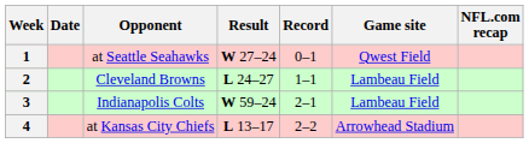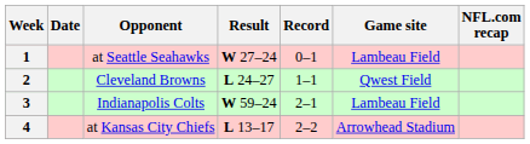 <table class="wikitable" style="text-align:center">
 <tr>
 <th>Week</th>
 <th>Date</th>
 <th>Opponent</th>
 <th>Result</th>
 <th>Record</th>
 <th>Game site</th>
 <th>NFL.com<br>recap</th>
 </tr>
 <tr style="text-align:center; background:#fcc;">
 <th style="text-align:center;">1</th>
 <td style="text-align:center;"></td>
 <td style="text-align:center;">at <a href='#'>Seattle Seahawks</a></td>
 <td style="text-align:center;"><strong>W</strong> 27–24</td>
 <td style="text-align:center;">0–1</td>
-<td style="text-align:center;"><a href='#'>Qwest Field</a></td>
+<td style="text-align:center;"><a href='#'>Lambeau Field</a></td>
 <td style="text-align:center;"></td>
 </tr>
 <tr style="text-align:center; background:#cfc;">
 <th style="text-align:center;">2</th>
 <td style="text-align:center;"></td>
 <td style="text-align:center;"><a href='#'>Cleveland Browns</a></td>
 <td style="text-align:center;"><strong>L</strong> 24–27</td>
 <td style="text-align:center;">1–1</td>
-<td style="text-align:center;"><a href='#'>Lambeau Field</a></td>
+<td style="text-align:center;"><a href='#'>Qwest Field</a></td>
 <td style="text-align:center;"></td>
 </tr>
 <tr style="text-align:center; background:#cfc;">
 <th style="text-align:center;">3</th>
 <td style="text-align:center;"></td>
 <td style="text-align:center;"><a href='#'>Indianapolis Colts</a></td>
 <td style="text-align:center;"><strong>W</strong> 59–24</td>
 <td style="text-align:center;">2–1</td>
 <td style="text-align:center;"><a href='#'>Lambeau Field</a></td>
 <td style="text-align:center;"></td>
 </tr>
 <tr style="text-align:center; background:#fcc;">
 <th style="text-align:center;">4</th>
 <td style="text-align:center;"></td>
 <td style="text-align:center;">at <a href='#'>Kansas City Chiefs</a></td>
 <td style="text-align:center;"><strong>L</strong> 13–17</td>
 <td style="text-align:center;">2–2</td>
 <td style="text-align:center;"><a href='#'>Arrowhead Stadium</a></td>
 <td style="text-align:center;"></td>
 </tr>
 </table>
